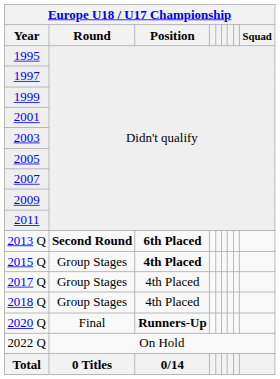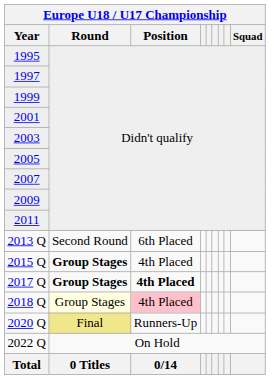 <table class="wikitable" style="text-align: center;">
 <tr>
 <th colspan=9><a href='#'>Europe U18 / U17 Championship</a></th>
 </tr>
 <tr>
 <th>Year</th>
 <th>Round</th>
 <th>Position</th>
 <th></th>
 <th></th>
 <th></th>
 <th></th>
 <th></th>
 <th><small>Squad</small></th>
 </tr>
 <tr bgcolor="efefef">
 <td> <a href='#'>1995</a></td>
 <td colspan="9" rowspan="9">Didn't qualify</td>
 </tr>
 <tr bgcolor="efefef">
 <td> <a href='#'>1997</a></td>
 </tr>
 <tr bgcolor="efefef">
 <td> <a href='#'>1999</a></td>
 </tr>
 <tr bgcolor="efefef">
 <td> <a href='#'>2001</a></td>
 </tr>
 <tr bgcolor="efefef">
 <td> <a href='#'>2003</a></td>
 </tr>
 <tr bgcolor="efefef">
 <td> <a href='#'>2005</a></td>
 </tr>
 <tr bgcolor="efefef">
 <td> <a href='#'>2007</a></td>
 </tr>
 <tr bgcolor="efefef">
 <td> <a href='#'>2009</a></td>
 </tr>
 <tr bgcolor="efefef">
 <td> <a href='#'>2011</a></td>
 </tr>
 <tr>
 <td><a href='#'>2013</a> Q</td>
-<td><strong>Second Round</strong></td>
-<td><strong>6th Placed</strong></td>
+<td>Second Round</td>
+<td>6th Placed</td>
 <td></td>
 <td></td>
 <td></td>
 <td></td>
 <td></td>
 <td></td>
 </tr>
 <tr>
 <td><a href='#'>2015</a> Q</td>
-<td>Group Stages</td>
+<td><strong>Group Stages</strong></td>
+<td>4th Placed</td>
+<td></td>
+<td></td>
+<td></td>
+<td></td>
+<td></td>
+<td></td>
+</tr>
+<tr>
+<td><a href='#'>2017</a> Q</td>
+<td><strong>Group Stages</strong></td>
 <td><strong>4th Placed</strong></td>
 <td></td>
 <td></td>
 <td></td>
 <td></td>
 <td></td>
 <td></td>
 </tr>
 <tr>
-<td><a href='#'>2017</a> Q</td>
-<td>Group Stages</td>
-<td>4th Placed</td>
-<td></td>
-<td></td>
-<td></td>
-<td></td>
-<td></td>
-<td></td>
-</tr>
-<tr>
 <td><a href='#'>2018</a> Q</td>
-<td>Group Stages</td>
-<td>4th Placed</td>
+<td style="background: lightyellow;">Group Stages</td>
+<td style="background: pink;">4th Placed</td>
 <td></td>
 <td></td>
 <td></td>
 <td></td>
 <td></td>
 <td></td>
 </tr>
 <tr>
 <td><a href='#'>2020</a> Q</td>
-<td>Final</td>
-<td><strong>Runners-Up</strong></td>
+<td style="background: khaki;">Final</td>
+<td>Runners-Up</td>
 <td></td>
 <td></td>
 <td></td>
 <td></td>
 <td></td>
 <td></td>
 </tr>
 <tr>
 <td>2022 Q</td>
 <td colspan=8>On Hold</td>
 </tr>
 <tr>
 <th>Total</th>
 <th>0 Titles</th>
 <th>0/14</th>
 <th></th>
 <th></th>
 <th></th>
 <th></th>
 <th></th>
 <th></th>
 </tr>
 </table>
